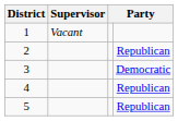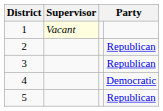 <table class="wikitable sortable">
 <tr>
 <th data-sort-type="number" scope="col">District</th>
 <th scope="col">Supervisor</th>
 <th colspan="2" scope="col">Party</th>
 </tr>
 <tr>
 <td style="text-align:center;">1</td>
-<td><em>Vacant</em></td>
+<td style="background: lightyellow;"><em>Vacant</em></td>
 <td></td>
 <td></td>
 </tr>
 <tr>
 <td style="text-align:center;">2</td>
 <td></td>
 <td style="background-color:"></td>
 <td style="text-align:center;"><a href='#'>Republican</a></td>
 </tr>
 <tr>
 <td style="text-align:center;">3</td>
 <td></td>
 <td style="background-color:"></td>
-<td style="text-align:center;"><a href='#'>Democratic</a></td>
+<td style="text-align:center;"><a href='#'>Republican</a></td>
 </tr>
 <tr>
 <td style="text-align:center;">4</td>
 <td></td>
 <td style="background-color:"></td>
-<td style="text-align:center;"><a href='#'>Republican</a></td>
+<td style="text-align:center;"><a href='#'>Democratic</a></td>
 </tr>
 <tr>
 <td style="text-align:center;">5</td>
 <td></td>
 <td style="background-color:"></td>
 <td style="text-align:center;"><a href='#'>Republican</a></td>
 </tr>
 </table>
